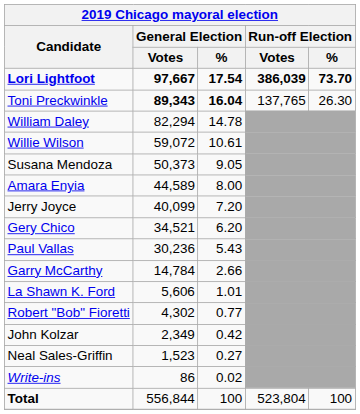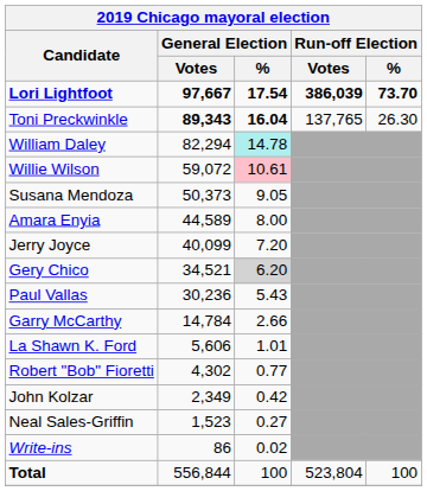 <table class=wikitable>
 <tr>
 <th colspan=5><a href='#'>2019 Chicago mayoral election</a></th>
 </tr>
 <tr>
 <th colspan=1 rowspan=2>Candidate</th>
 <th colspan=2>General Election</th>
 <th colspan=2><strong>Run-off Election</strong></th>
 </tr>
 <tr>
 <th>Votes</th>
 <th>%</th>
 <th>Votes</th>
 <th>%</th>
 </tr>
 <tr>
 <td><strong><a href='#'>Lori Lightfoot</a></strong></td>
 <td align="right"><strong>97,667</strong></td>
 <td align="right"><strong>17.54</strong></td>
 <td align="right"><strong>386,039</strong></td>
 <td align="right"><strong>73.70</strong></td>
 </tr>
 <tr>
 <td><a href='#'>Toni Preckwinkle</a></td>
 <td align="right"><strong>89,343</strong></td>
 <td align="right"><strong>16.04</strong></td>
 <td align="right">137,765</td>
 <td align="right">26.30</td>
 </tr>
 <tr>
 <td><a href='#'>William Daley</a></td>
 <td align="right">82,294</td>
-<td align="right">14.78</td>
+<td align="right" style="background: paleturquoise;">14.78</td>
 <td colspan=2 bgcolor=darkgray></td>
 </tr>
 <tr>
 <td><a href='#'>Willie Wilson</a></td>
 <td align="right">59,072</td>
-<td align="right">10.61</td>
+<td align="right" style="background: pink;">10.61</td>
 <td colspan=2 bgcolor=darkgray></td>
 </tr>
 <tr>
 <td>Susana Mendoza</td>
 <td align="right">50,373</td>
 <td align="right">9.05</td>
 <td colspan=2 bgcolor=darkgray></td>
 </tr>
 <tr>
 <td><a href='#'>Amara Enyia</a></td>
 <td align="right">44,589</td>
 <td align="right">8.00</td>
 <td colspan=2 bgcolor=darkgray></td>
 </tr>
 <tr>
 <td>Jerry Joyce</td>
 <td align="right">40,099</td>
 <td align="right">7.20</td>
 <td colspan=2 bgcolor=darkgray></td>
 </tr>
 <tr>
 <td><a href='#'>Gery Chico</a></td>
 <td align="right">34,521</td>
-<td align="right">6.20</td>
+<td align="right" style="background: lightgrey;">6.20</td>
 <td colspan=2 bgcolor=darkgray></td>
 </tr>
 <tr>
 <td><a href='#'>Paul Vallas</a></td>
 <td align="right">30,236</td>
 <td align="right">5.43</td>
 <td colspan=2 bgcolor=darkgray></td>
 </tr>
 <tr>
 <td><a href='#'>Garry McCarthy</a></td>
 <td align="right">14,784</td>
 <td align="right">2.66</td>
 <td colspan=2 bgcolor=darkgray></td>
 </tr>
 <tr>
 <td><a href='#'>La Shawn K. Ford</a></td>
 <td align="right">5,606</td>
 <td align="right">1.01</td>
 <td colspan=2 bgcolor=darkgray></td>
 </tr>
 <tr>
 <td><a href='#'>Robert "Bob" Fioretti</a></td>
 <td align="right">4,302</td>
 <td align="right">0.77</td>
 <td colspan=2 bgcolor=darkgray></td>
 </tr>
 <tr>
 <td>John Kolzar</td>
 <td align="right">2,349</td>
 <td align="right">0.42</td>
 <td colspan=2 bgcolor=darkgray></td>
 </tr>
 <tr>
 <td>Neal Sales-Griffin</td>
 <td align="right">1,523</td>
 <td align="right">0.27</td>
 <td colspan=2 bgcolor=darkgray></td>
 </tr>
 <tr>
 <td><em><a href='#'>Write-ins</a></em></td>
 <td align="right">86</td>
 <td align="right">0.02</td>
 <td colspan=2 bgcolor=darkgray></td>
 </tr>
 <tr>
 <td><strong>Total</strong></td>
 <td align="right">556,844</td>
 <td align="right">100</td>
 <td align="right">523,804</td>
 <td align="right">100</td>
 </tr>
 <tr>
 </tr>
 </table>
